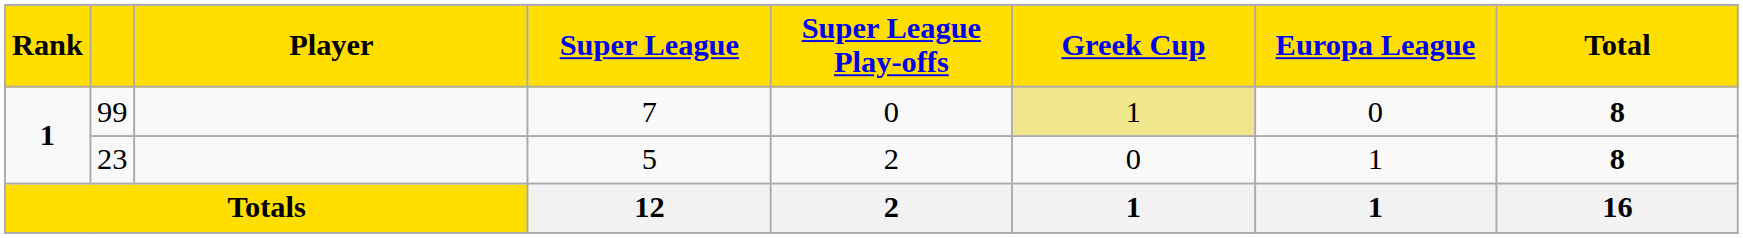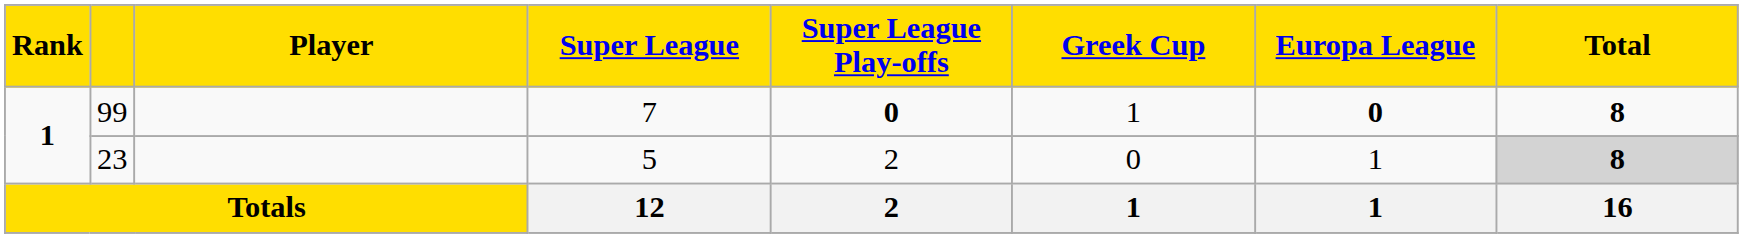 <table class="wikitable sortable" style="text-align:center">
 <tr>
 <th style="background:#FFDE00">Rank</th>
 <th style="background:#FFDE00"></th>
 <th width=200 style="background:#FFDE00">Player</th>
 <th width=120 style="background:#FFDE00"><a href='#'>Super League</a></th>
 <th width=120 style="background:#FFDE00"><a href='#'>Super League Play-offs</a></th>
 <th width=120 style="background:#FFDE00"><a href='#'>Greek Cup</a></th>
 <th width=120 style="background:#FFDE00"><a href='#'>Europa League</a></th>
 <th width=120 style="background:#FFDE00">Total</th>
 </tr>
 <tr>
 <td rowspan=2><strong>1</strong></td>
 <td>99</td>
 <td align=left></td>
 <td>7</td>
-<td>0</td>
-<td style="background: khaki;">1</td>
-<td>0</td>
+<td><strong>0</strong></td>
+<td>1</td>
+<td><strong>0</strong></td>
 <td><strong>8</strong></td>
 </tr>
 <tr>
 <td>23</td>
 <td align=left></td>
 <td>5</td>
 <td>2</td>
 <td>0</td>
 <td>1</td>
-<td><strong>8</strong></td>
+<td style="background: lightgrey;"><strong>8</strong></td>
 </tr>
 <tr class="sortbottom">
 <th colspan=3 style="background:#FFDE00"><strong>Totals</strong></th>
 <th><strong>12</strong></th>
 <th><strong> 2</strong></th>
 <th><strong> 1</strong></th>
 <th><strong> 1</strong></th>
 <th><strong>16</strong></th>
 </tr>
 </table>
